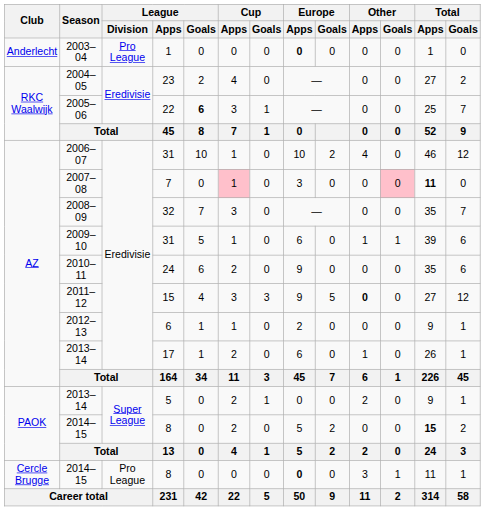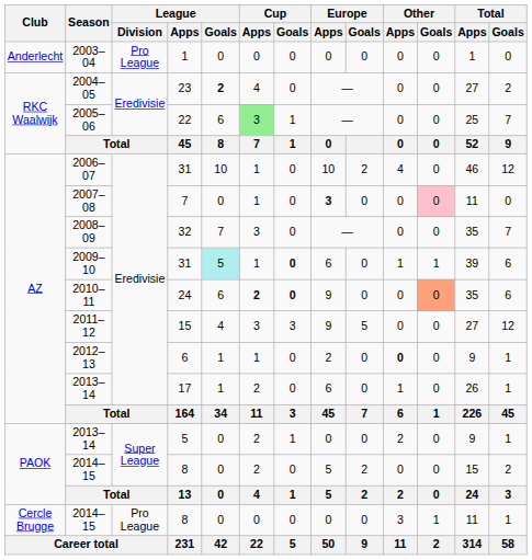 <table class="wikitable" style="text-align:center">
 <tr>
 <th rowspan="2">Club</th>
 <th rowspan="2">Season</th>
 <th colspan="3">League</th>
 <th colspan="2">Cup</th>
 <th colspan="2">Europe</th>
 <th colspan="2">Other</th>
 <th colspan="2">Total</th>
 </tr>
 <tr>
 <th>Division</th>
 <th>Apps</th>
 <th>Goals</th>
 <th>Apps</th>
 <th>Goals</th>
 <th>Apps</th>
 <th>Goals</th>
 <th>Apps</th>
 <th>Goals</th>
 <th>Apps</th>
 <th>Goals</th>
 </tr>
 <tr>
 <td><a href='#'>Anderlecht</a></td>
 <td>2003–04</td>
 <td><a href='#'>Pro League</a></td>
 <td>1</td>
 <td>0</td>
 <td>0</td>
 <td>0</td>
-<td><strong>0</strong></td>
+<td>0</td>
 <td>0</td>
 <td>0</td>
 <td>0</td>
 <td>1</td>
 <td>0</td>
 </tr>
 <tr>
 <td rowspan="3"><a href='#'>RKC Waalwijk</a></td>
 <td>2004–05</td>
 <td rowspan="2"><a href='#'>Eredivisie</a></td>
 <td>23</td>
-<td>2</td>
+<td><strong>2</strong></td>
 <td>4</td>
 <td>0</td>
 <td colspan="2">—</td>
 <td>0</td>
 <td>0</td>
 <td>27</td>
 <td>2</td>
 </tr>
 <tr>
 <td>2005–06</td>
 <td>22</td>
-<td><strong>6</strong></td>
-<td>3</td>
+<td>6</td>
+<td style="background: lightgreen;">3</td>
 <td>1</td>
 <td colspan="2">—</td>
 <td>0</td>
 <td>0</td>
 <td>25</td>
 <td>7</td>
 </tr>
 <tr>
 <th colspan="2">Total</th>
 <th>45</th>
 <th>8</th>
 <th>7</th>
 <th>1</th>
 <th>0</th>
 <th></th>
 <th>0</th>
 <th>0</th>
 <th>52</th>
 <th>9</th>
 </tr>
 <tr>
 <td rowspan="9"><a href='#'>AZ</a></td>
 <td>2006–07</td>
 <td rowspan="8">Eredivisie</td>
 <td>31</td>
 <td>10</td>
 <td>1</td>
 <td>0</td>
 <td>10</td>
 <td>2</td>
 <td>4</td>
 <td>0</td>
 <td>46</td>
 <td>12</td>
 </tr>
 <tr>
 <td>2007–08</td>
 <td>7</td>
 <td>0</td>
-<td style="background: pink;">1</td>
+<td>1</td>
 <td>0</td>
-<td>3</td>
+<td><strong>3</strong></td>
 <td>0</td>
 <td>0</td>
 <td style="background: pink;">0</td>
-<td><strong>11</strong></td>
+<td>11</td>
 <td>0</td>
 </tr>
 <tr>
 <td>2008–09</td>
 <td>32</td>
 <td>7</td>
 <td>3</td>
 <td>0</td>
 <td colspan="2">—</td>
 <td>0</td>
 <td>0</td>
 <td>35</td>
 <td>7</td>
 </tr>
 <tr>
 <td>2009–10</td>
 <td>31</td>
-<td>5</td>
+<td style="background: paleturquoise;">5</td>
 <td>1</td>
-<td>0</td>
+<td><strong>0</strong></td>
 <td>6</td>
 <td>0</td>
 <td>1</td>
 <td>1</td>
 <td>39</td>
 <td>6</td>
 </tr>
 <tr>
 <td>2010–11</td>
 <td>24</td>
 <td>6</td>
-<td>2</td>
-<td>0</td>
+<td><strong>2</strong></td>
+<td><strong>0</strong></td>
 <td>9</td>
 <td>0</td>
 <td>0</td>
-<td>0</td>
+<td style="background: lightsalmon;">0</td>
 <td>35</td>
 <td>6</td>
 </tr>
 <tr>
 <td>2011–12</td>
 <td>15</td>
 <td>4</td>
 <td>3</td>
 <td>3</td>
 <td>9</td>
 <td>5</td>
-<td><strong>0</strong></td>
+<td>0</td>
 <td>0</td>
 <td>27</td>
 <td>12</td>
 </tr>
 <tr>
 <td>2012–13</td>
 <td>6</td>
 <td>1</td>
 <td>1</td>
 <td>0</td>
 <td>2</td>
 <td>0</td>
-<td>0</td>
+<td><strong>0</strong></td>
 <td>0</td>
 <td>9</td>
 <td>1</td>
 </tr>
 <tr>
 <td>2013–14</td>
 <td>17</td>
 <td>1</td>
 <td>2</td>
 <td>0</td>
 <td>6</td>
 <td>0</td>
 <td>1</td>
 <td>0</td>
 <td>26</td>
 <td>1</td>
 </tr>
 <tr>
 <th colspan="2">Total</th>
 <th>164</th>
 <th>34</th>
 <th>11</th>
 <th>3</th>
 <th>45</th>
 <th>7</th>
 <th>6</th>
 <th>1</th>
 <th>226</th>
 <th>45</th>
 </tr>
 <tr>
 <td rowspan="3"><a href='#'>PAOK</a></td>
 <td>2013–14</td>
 <td rowspan="2"><a href='#'>Super League</a></td>
 <td>5</td>
 <td>0</td>
 <td>2</td>
 <td>1</td>
 <td>0</td>
 <td>0</td>
 <td>2</td>
 <td>0</td>
 <td>9</td>
 <td>1</td>
 </tr>
 <tr>
 <td>2014–15</td>
 <td>8</td>
 <td>0</td>
 <td>2</td>
 <td>0</td>
 <td>5</td>
 <td>2</td>
 <td>0</td>
 <td>0</td>
-<td><strong>15</strong></td>
+<td>15</td>
 <td>2</td>
 </tr>
 <tr>
 <th colspan="2">Total</th>
 <th>13</th>
 <th>0</th>
 <th>4</th>
 <th>1</th>
 <th>5</th>
 <th>2</th>
 <th>2</th>
 <th>0</th>
 <th>24</th>
 <th>3</th>
 </tr>
 <tr>
 <td><a href='#'>Cercle Brugge</a></td>
 <td>2014–15</td>
 <td>Pro League</td>
 <td>8</td>
 <td>0</td>
 <td>0</td>
 <td>0</td>
-<td><strong>0</strong></td>
+<td>0</td>
 <td>0</td>
 <td>3</td>
 <td>1</td>
 <td>11</td>
 <td>1</td>
 </tr>
 <tr>
 <th colspan="3">Career total</th>
 <th>231</th>
 <th>42</th>
 <th>22</th>
 <th>5</th>
 <th>50</th>
 <th>9</th>
 <th>11</th>
 <th>2</th>
 <th>314</th>
 <th>58</th>
 </tr>
 </table>
